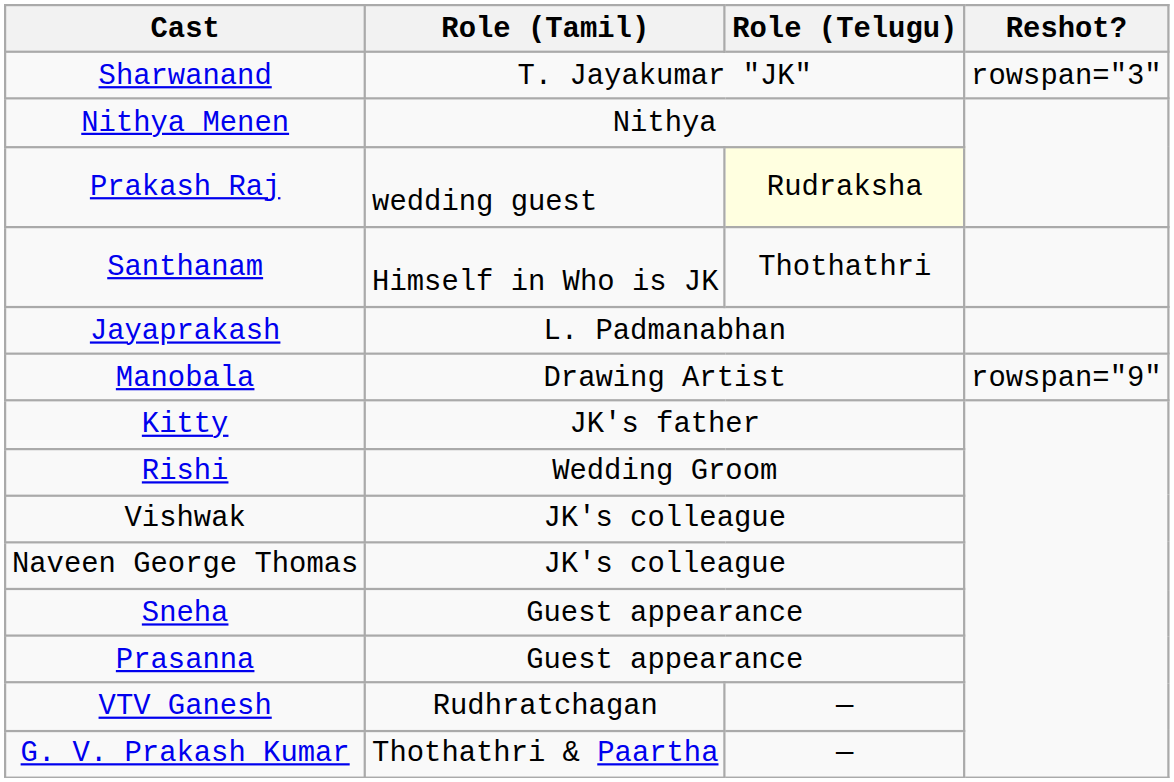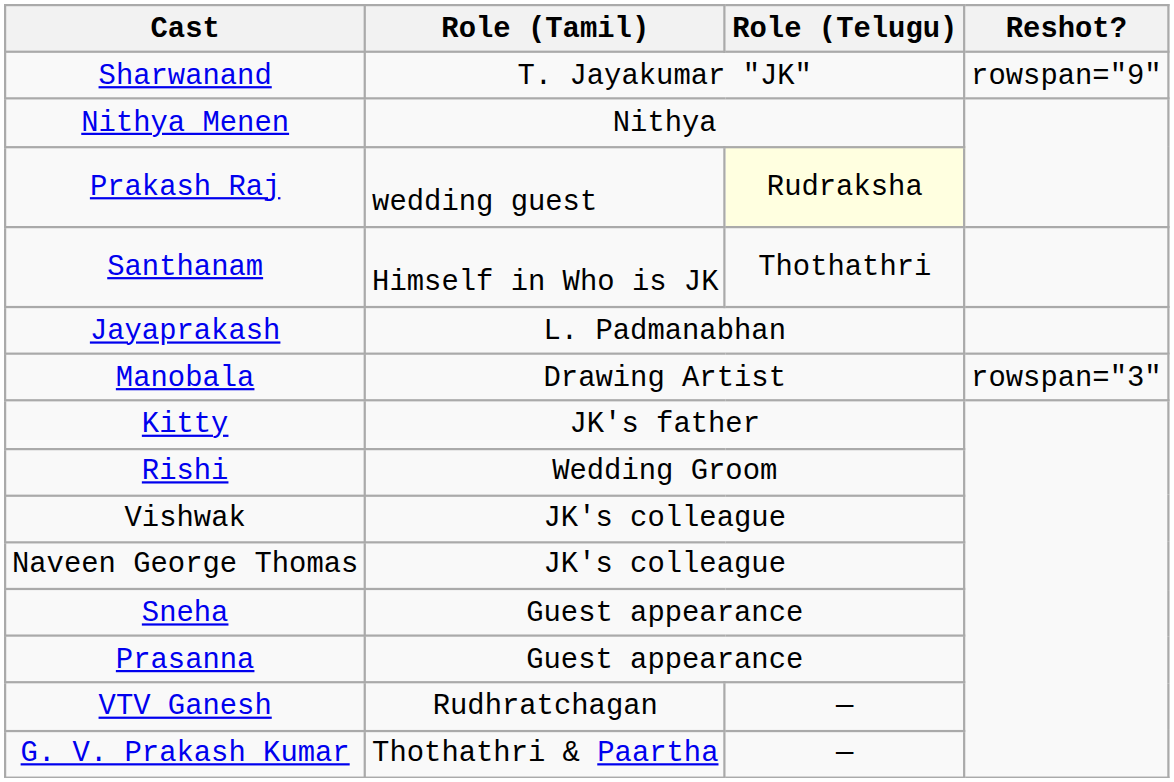 <table class="wikitable">
 <tr>
 <th>Cast</th>
 <th>Role (Tamil)</th>
 <th>Role (Telugu)</th>
 <th>Reshot?</th>
 </tr>
 <tr>
 <td style="text-align:center;"><a href='#'>Sharwanand</a></td>
 <td colspan="2" style="text-align:center;">T. Jayakumar "JK"</td>
-<td>rowspan="3" </td>
+<td>rowspan="9" </td>
 </tr>
 <tr>
 <td style="text-align:center;"><a href='#'>Nithya Menen</a></td>
 <td colspan="2"style="text-align:center;">Nithya</td>
 </tr>
 <tr>
 <td style="text-align:center;"><a href='#'>Prakash Raj</a></td>
 <td><br>wedding guest</td>
 <td style="background: lightyellow; text-align:center;">Rudraksha</td>
 </tr>
 <tr>
 <td style="text-align:center;"><a href='#'>Santhanam</a></td>
 <td><br>Himself in Who is JK</td>
 <td style="text-align:center;">Thothathri</td>
 <td></td>
 </tr>
 <tr>
 <td style="text-align:center;"><a href='#'>Jayaprakash</a></td>
 <td colspan="2" style="text-align:center;">L. Padmanabhan</td>
 <td></td>
 </tr>
 <tr>
 <td style="text-align:center;"><a href='#'>Manobala</a></td>
 <td colspan="2"style="text-align:center;">Drawing Artist</td>
-<td>rowspan="9" </td>
+<td>rowspan="3" </td>
 </tr>
 <tr>
 <td style="text-align:center;"><a href='#'>Kitty</a></td>
 <td colspan="2"style="text-align:center;">JK's father</td>
 </tr>
 <tr>
 <td style="text-align:center;"><a href='#'>Rishi</a></td>
 <td colspan="2"style="text-align:center;">Wedding Groom</td>
 </tr>
 <tr>
 <td style="text-align:center;">Vishwak</td>
 <td colspan="2" style="text-align:center;">JK's colleague</td>
 </tr>
 <tr>
 <td style="text-align:center;">Naveen George Thomas</td>
 <td colspan="2"style="text-align:center;">JK's colleague</td>
 </tr>
 <tr>
 <td style="text-align:center;"><a href='#'>Sneha</a></td>
 <td colspan="2"style="text-align:center;">Guest appearance</td>
 </tr>
 <tr>
 <td style="text-align:center;"><a href='#'>Prasanna</a></td>
 <td colspan="2"style="text-align:center;">Guest appearance</td>
 </tr>
 <tr>
 <td style="text-align:center;"><a href='#'>VTV Ganesh</a></td>
 <td style="text-align:center;">Rudhratchagan</td>
 <td style="text-align:center;">—</td>
 </tr>
 <tr>
 <td style="text-align:center;"><a href='#'>G. V. Prakash Kumar</a></td>
 <td style="text-align:center;">Thothathri & <a href='#'>Paartha</a></td>
 <td style="text-align:center;">—</td>
 </tr>
 </table>
